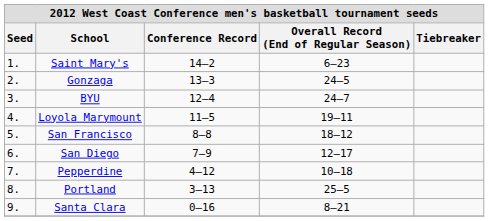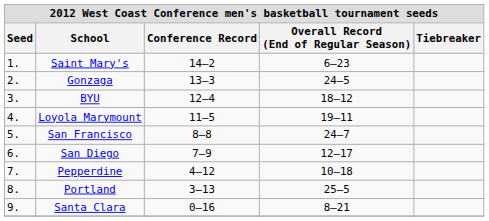 <table class="wikitable" style="white-space:nowrap; font-size:90%;">
 <tr>
 <td colspan="7" style="text-align:center; background:#DDDDDD; font:#000000"><strong>2012 West Coast Conference men's basketball tournament seeds</strong></td>
 </tr>
 <tr bgcolor="#efefef">
 <th>Seed</th>
 <th>School</th>
 <th>Conference Record</th>
 <th>Overall Record <br>(End of Regular Season)</th>
 <th>Tiebreaker</th>
 </tr>
 <tr>
 <td>1.</td>
 <td style="text-align:center;"><a href='#'>Saint Mary's</a></td>
 <td style="text-align:center;">14–2</td>
 <td style="text-align:center;">6–23</td>
 <td></td>
 </tr>
 <tr>
 <td>2.</td>
 <td style="text-align:center;"><a href='#'>Gonzaga</a></td>
 <td style="text-align:center;">13–3</td>
 <td style="text-align:center;">24–5</td>
 <td></td>
 </tr>
 <tr>
 <td>3.</td>
 <td style="text-align:center;"><a href='#'>BYU</a></td>
 <td style="text-align:center;">12–4</td>
-<td style="text-align:center;">24–7</td>
+<td style="text-align:center;">18–12</td>
 <td></td>
 </tr>
 <tr>
 <td>4.</td>
 <td style="text-align:center;"><a href='#'>Loyola Marymount</a></td>
 <td style="text-align:center;">11–5</td>
 <td style="text-align:center;">19–11</td>
 <td></td>
 </tr>
 <tr>
 <td>5.</td>
 <td style="text-align:center;"><a href='#'>San Francisco</a></td>
 <td style="text-align:center;">8–8</td>
-<td style="text-align:center;">18–12</td>
+<td style="text-align:center;">24–7</td>
 <td></td>
 </tr>
 <tr>
 <td>6.</td>
 <td style="text-align:center;"><a href='#'>San Diego</a></td>
 <td style="text-align:center;">7–9</td>
 <td style="text-align:center;">12–17</td>
 <td></td>
 </tr>
 <tr>
 <td>7.</td>
 <td style="text-align:center;"><a href='#'>Pepperdine</a></td>
 <td style="text-align:center;">4–12</td>
 <td style="text-align:center;">10–18</td>
 <td></td>
 </tr>
 <tr>
 <td>8.</td>
 <td style="text-align:center;"><a href='#'>Portland</a></td>
 <td style="text-align:center;">3–13</td>
 <td style="text-align:center;">25–5</td>
 <td></td>
 </tr>
 <tr>
 <td>9.</td>
 <td style="text-align:center;"><a href='#'>Santa Clara</a></td>
 <td style="text-align:center;">0–16</td>
 <td style="text-align:center;">8–21</td>
 <td></td>
 </tr>
 <tr>
 </tr>
 </table>
